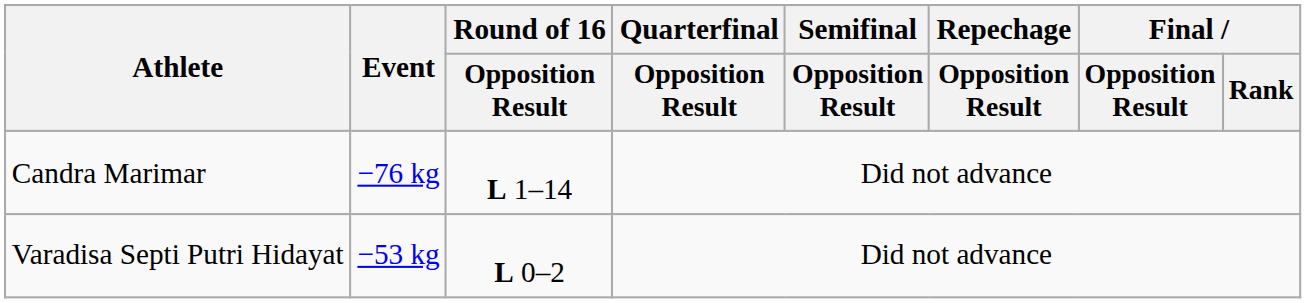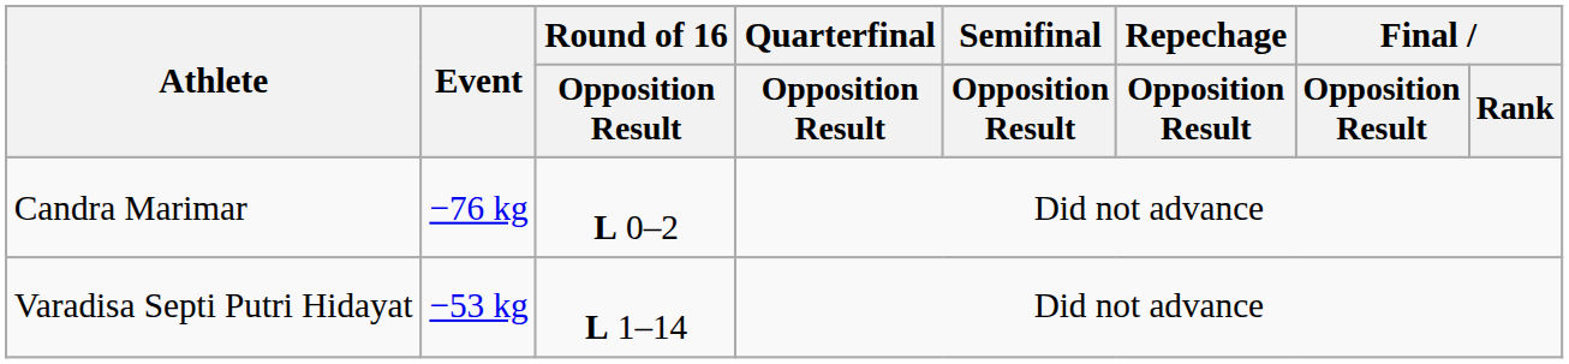 <table class="wikitable" style="font-size:90%;text-align:center">
 <tr>
 <th rowspan="2">Athlete</th>
 <th rowspan="2">Event</th>
 <th>Round of 16</th>
 <th>Quarterfinal</th>
 <th>Semifinal</th>
 <th>Repechage</th>
 <th colspan="2">Final / </th>
 </tr>
 <tr style="font-size: 95%">
 <th>Opposition<br>Result</th>
 <th>Opposition<br>Result</th>
 <th>Opposition<br>Result</th>
 <th>Opposition<br>Result</th>
 <th>Opposition<br>Result</th>
 <th>Rank</th>
 </tr>
 <tr>
 <td align="left">Candra Marimar</td>
 <td align="left"><a href='#'>−76 kg</a></td>
-<td><br><strong>L</strong> 1–14</td>
+<td><br><strong>L</strong> 0–2</td>
 <td colspan="5">Did not advance</td>
 </tr>
 <tr>
 <td align="left">Varadisa Septi Putri Hidayat</td>
 <td align="left"><a href='#'>−53 kg</a></td>
-<td><br><strong>L</strong> 0–2</td>
+<td><br><strong>L</strong> 1–14</td>
 <td colspan="5">Did not advance</td>
 </tr>
 </table>
